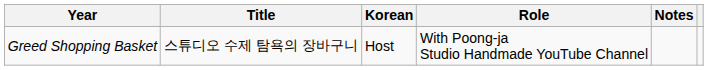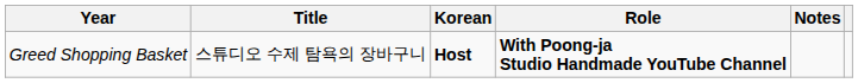 <table class="wikitable">
 <tr>
 <th>Year</th>
 <th>Title</th>
 <th>Korean</th>
 <th>Role</th>
 <th>Notes</th>
 <th class="unsortable"></th>
 </tr>
 <tr>
 <td><em>Greed Shopping Basket</em></td>
 <td>스튜디오 수제 탐욕의 장바구니</td>
-<td>Host</td>
-<td>With Poong-ja<br>Studio Handmade YouTube Channel</td>
+<td><strong>Host</strong></td>
+<td><strong>With Poong-ja<br>Studio Handmade YouTube Channel</strong></td>
 <td></td>
 </tr>
 </table>
